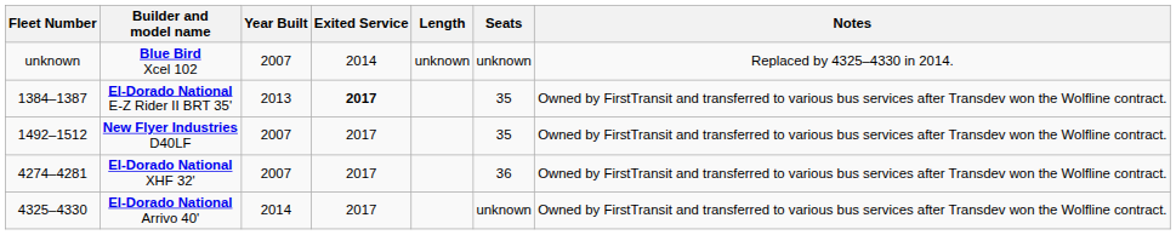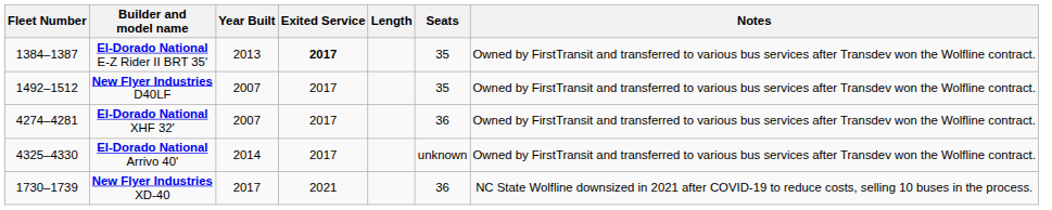 <table class="wikitable sortable" style="text-align:center" style="font-size: 95%;">
 <tr>
 <th>Fleet Number</th>
 <th>Builder and<br>model name</th>
 <th>Year Built</th>
 <th>Exited Service</th>
 <th>Length</th>
 <th>Seats</th>
 <th class=unsortable>Notes</th>
-</tr>
-<tr>
-<td align="center">unknown</td>
-<td align="center"><strong><a href='#'>Blue Bird</a></strong><br>Xcel 102</td>
-<td align="center">2007</td>
-<td align="center">2014</td>
-<td align="center">unknown</td>
-<td align="center'">unknown</td>
-<td align="center">Replaced by 4325–4330 in 2014.</td>
 </tr>
 <tr>
 <td align="center">1384–1387</td>
 <td align="center"><strong><a href='#'>El-Dorado National</a></strong><br>E-Z Rider II BRT 35'</td>
 <td align="center">2013</td>
 <td align="center"><strong>2017</strong></td>
 <td align="center"></td>
 <td align="center'">35</td>
 <td align="center">Owned by FirstTransit and transferred to various bus services after Transdev won the Wolfline contract.</td>
 </tr>
 <tr>
 <td align="center">1492–1512</td>
 <td align="center"><strong><a href='#'>New Flyer Industries</a></strong><br>D40LF</td>
 <td align="center">2007</td>
 <td align="center">2017</td>
 <td align="center"></td>
 <td align="center'">35</td>
 <td align="center">Owned by FirstTransit and transferred to various bus services after Transdev won the Wolfline contract.</td>
 </tr>
 <tr>
 <td align="center">4274–4281</td>
 <td align="center"><strong><a href='#'>El-Dorado National</a></strong><br>XHF 32'</td>
 <td align="center">2007</td>
 <td align="center">2017</td>
 <td align="center"></td>
 <td align="center'">36</td>
 <td align="center">Owned by FirstTransit and transferred to various bus services after Transdev won the Wolfline contract.</td>
 </tr>
 <tr>
 <td align="center">4325–4330</td>
 <td align="center"><strong><a href='#'>El-Dorado National</a></strong><br>Arrivo 40'</td>
 <td align="center">2014</td>
 <td align="center">2017</td>
 <td align="center"></td>
 <td align="center'">unknown</td>
 <td align="center">Owned by FirstTransit and transferred to various bus services after Transdev won the Wolfline contract.</td>
 </tr>
+<tr>
+<td align="center">1730–1739</td>
+<td align="center"><strong><a href='#'>New Flyer Industries</a></strong><br>XD-40</td>
+<td align="center">2017</td>
+<td align="center">2021</td>
+<td align="center"></td>
+<td align="center'">36</td>
+<td align="center">NC State Wolfline downsized in 2021 after COVID-19 to reduce costs, selling 10 buses in the process.</td>
+</tr>
 </table>
